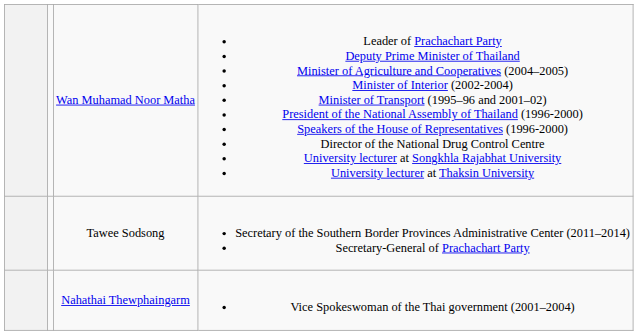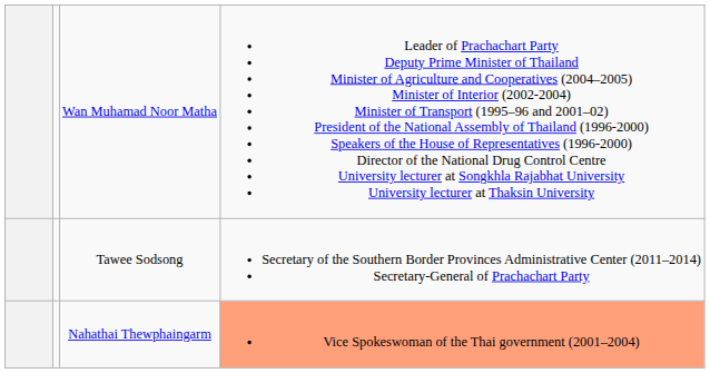 <table class="wikitable" style="font-size:90%; text-align:center;">
 <tr>
 <th style="width:3em; font-size:; background:"></th>
 <td></td>
 <td><a href='#'>Wan Muhamad Noor Matha</a></td>
 <td><br><ul><li>Leader of <a href='#'>Prachachart Party</a></li><li><a href='#'>Deputy Prime Minister of Thailand</a></li><li><a href='#'>Minister of Agriculture and Cooperatives</a> (2004–2005)</li><li><a href='#'>Minister of Interior</a> (2002-2004)</li><li><a href='#'>Minister of Transport</a> (1995–96 and 2001–02)</li><li><a href='#'>President of the National Assembly of Thailand</a> (1996-2000)</li><li><a href='#'>Speakers of the House of Representatives</a> (1996-2000)</li><li>Director of the National Drug Control Centre</li><li><a href='#'>University lecturer</a> at <a href='#'>Songkhla Rajabhat University</a></li><li><a href='#'>University lecturer</a> at <a href='#'>Thaksin University</a></li></ul></td>
 </tr>
 <tr>
 <th style="width:3em; font-size:; background:"></th>
 <td></td>
 <td>Tawee Sodsong</td>
 <td><br><ul><li>Secretary of the Southern Border Provinces Administrative Center (2011–2014)</li><li>Secretary-General of <a href='#'>Prachachart Party</a></li></ul></td>
 </tr>
 <tr>
 <th style="width:3em; font-size:; background:"></th>
 <td></td>
 <td><a href='#'>Nahathai Thewphaingarm</a></td>
-<td><br><ul><li>Vice Spokeswoman of the Thai government (2001–2004)</li></ul></td>
+<td style="background: lightsalmon;"><br><ul><li>Vice Spokeswoman of the Thai government (2001–2004)</li></ul></td>
 </tr>
 </table>
